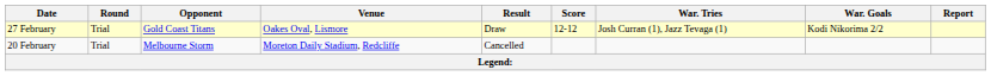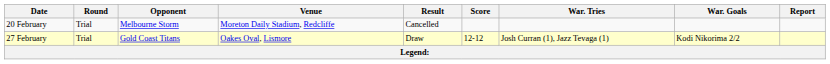 <table class="wikitable" style="font-size:80%; width:100%;">
 <tr>
 <th>Date</th>
 <th>Round</th>
 <th>Opponent</th>
 <th>Venue</th>
 <th>Result</th>
 <th>Score</th>
 <th>War. Tries</th>
 <th>War. Goals</th>
 <th>Report</th>
+</tr>
+<tr>
+<td>20 February</td>
+<td>Trial</td>
+<td> <a href='#'>Melbourne Storm</a></td>
+<td><a href='#'>Moreton Daily Stadium</a>, <a href='#'>Redcliffe</a></td>
+<td>Cancelled</td>
+<td></td>
+<td></td>
+<td></td>
+<td></td>
 </tr>
 <tr style="background:#FFFFCC">
 <td>27 February</td>
 <td>Trial</td>
 <td> <a href='#'>Gold Coast Titans</a></td>
 <td><a href='#'>Oakes Oval</a>, <a href='#'>Lismore</a></td>
 <td>Draw</td>
 <td>12-12</td>
 <td>Josh Curran (1), Jazz Tevaga (1)</td>
 <td>Kodi Nikorima 2/2</td>
 <td></td>
 </tr>
 <tr>
-<td>20 February</td>
-<td>Trial</td>
-<td> <a href='#'>Melbourne Storm</a></td>
-<td><a href='#'>Moreton Daily Stadium</a>, <a href='#'>Redcliffe</a></td>
-<td>Cancelled</td>
-<td></td>
-<td></td>
-<td></td>
-<td></td>
-</tr>
-<tr>
 <th colspan="9"><strong>Legend</strong>:<br>   </th>
 </tr>
 </table>
